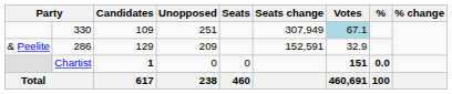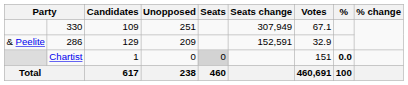 <table class="wikitable sortable">
 <tr>
 <th colspan=2>Party</th>
 <th>Candidates</th>
 <th>Unopposed</th>
 <th>Seats</th>
 <th>Seats change</th>
 <th>Votes</th>
 <th>%</th>
 <th>% change</th>
 </tr>
 <tr>
 <td></td>
 <td align=right>330</td>
 <td align=right>109</td>
 <td align=right>251</td>
 <td align=right></td>
 <td align=right>307,949</td>
-<td align=right style="background: lightblue;">67.1</td>
+<td align=right>67.1</td>
 <td align=right></td>
 </tr>
 <tr>
 <td> & <a href='#'>Peelite</a></td>
 <td align=right>286</td>
 <td align=right>129</td>
 <td align=right>209</td>
 <td align=right></td>
 <td align=right>152,591</td>
 <td align=right>32.9</td>
 <td align=right></td>
 </tr>
 <tr>
 <td bgcolor="#DDDDDD"></td>
 <td><a href='#'>Chartist</a></td>
-<td align=right><strong>1</strong></td>
+<td align=right>1</td>
 <td align=right>0</td>
-<td align=right>0</td>
+<td align=right style="background: lightgrey;">0</td>
 <td align=right></td>
-<td align=right><strong>151</strong></td>
+<td align=right>151</td>
 <td align=right><strong>0.0</strong></td>
 <td align=right></td>
 </tr>
 <tr class="sortbottom" style="font-weight: bold; text-align: right; background: #f2f2f2;">
 <th colspan="2" style="padding-left: 1.5em; text-align: left;">Total</th>
 <td align=right>617</td>
 <td align=right>238</td>
 <td align=right>460</td>
 <td align=right></td>
 <td align=right>460,691</td>
 <td align=right>100</td>
 <td align=right></td>
 </tr>
 </table>
